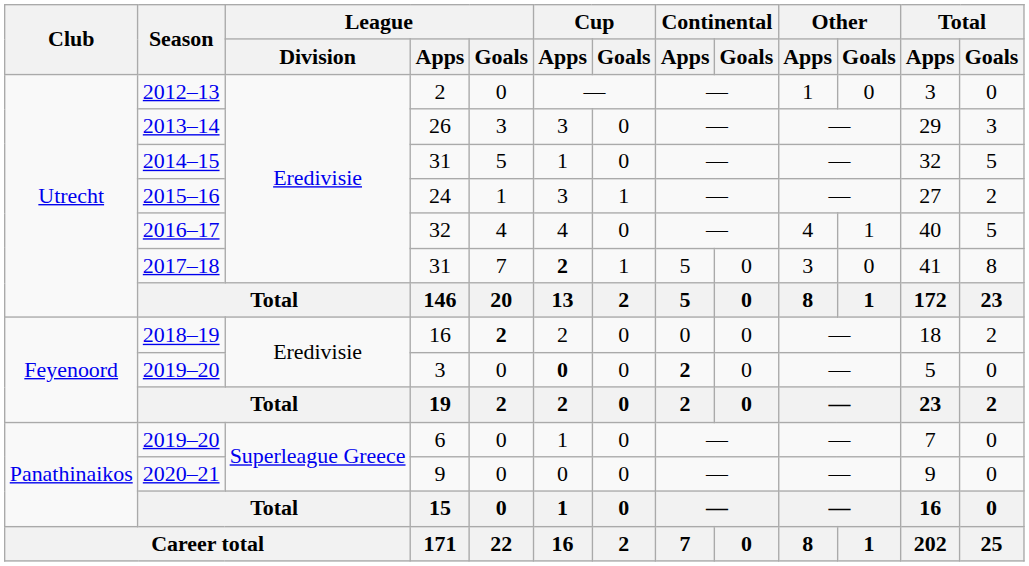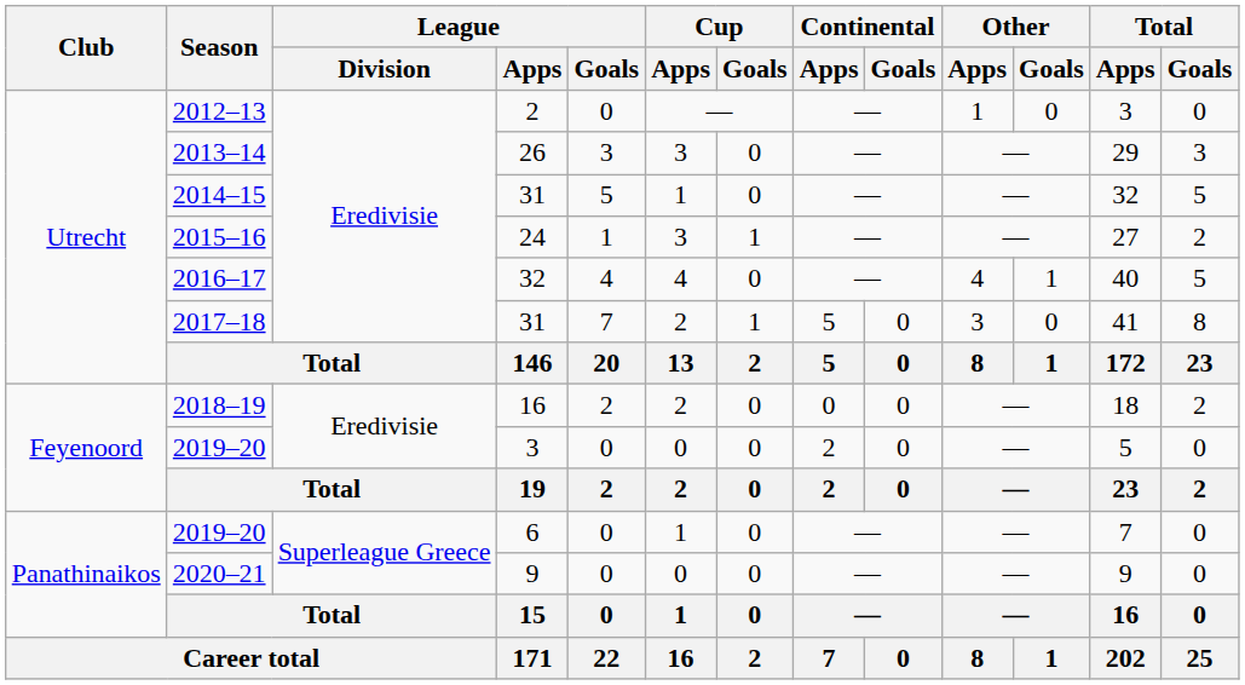 <table class="wikitable" style="text-align: center">
 <tr>
 <th rowspan="2">Club</th>
 <th rowspan="2">Season</th>
 <th colspan="3">League</th>
 <th colspan="2">Cup</th>
 <th colspan="2">Continental</th>
 <th colspan="2">Other</th>
 <th colspan="2">Total</th>
 </tr>
 <tr>
 <th>Division</th>
 <th>Apps</th>
 <th>Goals</th>
 <th>Apps</th>
 <th>Goals</th>
 <th>Apps</th>
 <th>Goals</th>
 <th>Apps</th>
 <th>Goals</th>
 <th>Apps</th>
 <th>Goals</th>
 </tr>
 <tr>
 <td rowspan="7"><a href='#'>Utrecht</a></td>
 <td><a href='#'>2012–13</a></td>
 <td rowspan="6"><a href='#'>Eredivisie</a></td>
 <td>2</td>
 <td>0</td>
 <td colspan="2">—</td>
 <td colspan="2">—</td>
 <td>1</td>
 <td>0</td>
 <td>3</td>
 <td>0</td>
 </tr>
 <tr>
 <td><a href='#'>2013–14</a></td>
 <td>26</td>
 <td>3</td>
 <td>3</td>
 <td>0</td>
 <td colspan="2">—</td>
 <td colspan="2">—</td>
 <td>29</td>
 <td>3</td>
 </tr>
 <tr>
 <td><a href='#'>2014–15</a></td>
 <td>31</td>
 <td>5</td>
 <td>1</td>
 <td>0</td>
 <td colspan="2">—</td>
 <td colspan="2">—</td>
 <td>32</td>
 <td>5</td>
 </tr>
 <tr>
 <td><a href='#'>2015–16</a></td>
 <td>24</td>
 <td>1</td>
 <td>3</td>
 <td>1</td>
 <td colspan="2">—</td>
 <td colspan="2">—</td>
 <td>27</td>
 <td>2</td>
 </tr>
 <tr>
 <td><a href='#'>2016–17</a></td>
 <td>32</td>
 <td>4</td>
 <td>4</td>
 <td>0</td>
 <td colspan="2">—</td>
 <td>4</td>
 <td>1</td>
 <td>40</td>
 <td>5</td>
 </tr>
 <tr>
 <td><a href='#'>2017–18</a></td>
 <td>31</td>
 <td>7</td>
-<td><strong>2</strong></td>
+<td>2</td>
 <td>1</td>
 <td>5</td>
 <td>0</td>
 <td>3</td>
 <td>0</td>
 <td>41</td>
 <td>8</td>
 </tr>
 <tr>
 <th colspan="2">Total</th>
 <th>146</th>
 <th>20</th>
 <th>13</th>
 <th>2</th>
 <th>5</th>
 <th>0</th>
 <th>8</th>
 <th>1</th>
 <th>172</th>
 <th>23</th>
 </tr>
 <tr>
 <td rowspan="3"><a href='#'>Feyenoord</a></td>
 <td><a href='#'>2018–19</a></td>
 <td rowspan="2">Eredivisie</td>
 <td>16</td>
-<td><strong>2</strong></td>
+<td>2</td>
 <td>2</td>
 <td>0</td>
 <td>0</td>
 <td>0</td>
 <td colspan="2">—</td>
 <td>18</td>
 <td>2</td>
 </tr>
 <tr>
 <td><a href='#'>2019–20</a></td>
 <td>3</td>
 <td>0</td>
-<td><strong>0</strong></td>
 <td>0</td>
-<td><strong>2</strong></td>
+<td>0</td>
+<td>2</td>
 <td>0</td>
 <td colspan="2">—</td>
 <td>5</td>
 <td>0</td>
 </tr>
 <tr>
 <th colspan="2">Total</th>
 <th>19</th>
 <th>2</th>
 <th>2</th>
 <th>0</th>
 <th>2</th>
 <th>0</th>
 <th colspan="2">—</th>
 <th>23</th>
 <th>2</th>
 </tr>
 <tr>
 <td rowspan="3"><a href='#'>Panathinaikos</a></td>
 <td><a href='#'>2019–20</a></td>
 <td rowspan="2"><a href='#'>Superleague Greece</a></td>
 <td>6</td>
 <td>0</td>
 <td>1</td>
 <td>0</td>
 <td colspan="2">—</td>
 <td colspan="2">—</td>
 <td>7</td>
 <td>0</td>
 </tr>
 <tr>
 <td><a href='#'>2020–21</a></td>
 <td>9</td>
 <td>0</td>
 <td>0</td>
 <td>0</td>
 <td colspan="2">—</td>
 <td colspan="2">—</td>
 <td>9</td>
 <td>0</td>
 </tr>
 <tr>
 <th colspan="2">Total</th>
 <th>15</th>
 <th>0</th>
 <th>1</th>
 <th>0</th>
 <th colspan="2">—</th>
 <th colspan="2">—</th>
 <th>16</th>
 <th>0</th>
 </tr>
 <tr>
 <th colspan="3">Career total</th>
 <th>171</th>
 <th>22</th>
 <th>16</th>
 <th>2</th>
 <th>7</th>
 <th>0</th>
 <th>8</th>
 <th>1</th>
 <th>202</th>
 <th>25</th>
 </tr>
 </table>
